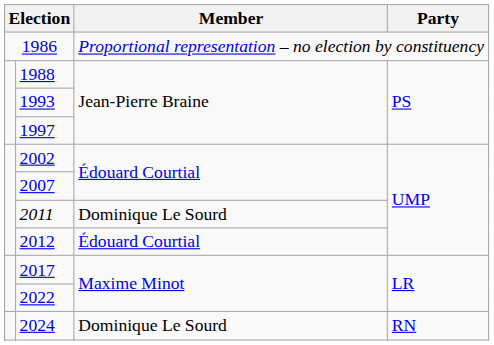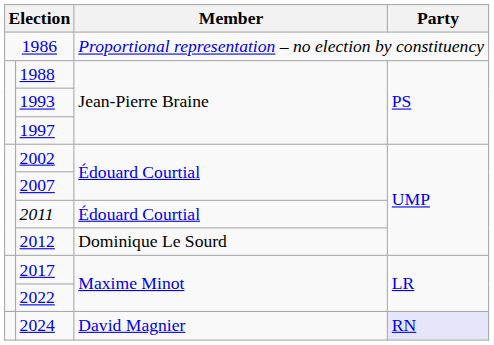 <table class="wikitable">
 <tr>
 <th colspan="2">Election</th>
 <th>Member</th>
 <th>Party</th>
 </tr>
 <tr>
 <td colspan="2" align="center"><a href='#'>1986</a></td>
 <td colspan="2"><em><a href='#'>Proportional representation</a> – no election by constituency</em></td>
 </tr>
 <tr>
 <td rowspan="3" style="color:inherit;background-color: "></td>
 <td><a href='#'>1988</a></td>
 <td rowspan="3">Jean-Pierre Braine</td>
 <td rowspan="3"><a href='#'>PS</a></td>
 </tr>
 <tr>
 <td><a href='#'>1993</a></td>
 </tr>
 <tr>
 <td><a href='#'>1997</a></td>
 </tr>
 <tr>
 <td rowspan="4" style="color:inherit;background-color: "></td>
 <td><a href='#'>2002</a></td>
 <td rowspan="2"><a href='#'>Édouard Courtial</a></td>
 <td rowspan="4"><a href='#'>UMP</a></td>
 </tr>
 <tr>
 <td><a href='#'>2007</a></td>
 </tr>
 <tr>
 <td><em>2011</em></td>
-<td>Dominique Le Sourd</td>
+<td><a href='#'>Édouard Courtial</a></td>
 </tr>
 <tr>
 <td><a href='#'>2012</a></td>
-<td><a href='#'>Édouard Courtial</a></td>
+<td>Dominique Le Sourd</td>
 </tr>
 <tr>
 <td rowspan="2" style="color:inherit;background-color: "></td>
 <td><a href='#'>2017</a></td>
 <td rowspan="2"><a href='#'>Maxime Minot</a></td>
 <td rowspan="2"><a href='#'>LR</a></td>
 </tr>
 <tr>
 <td><a href='#'>2022</a></td>
 </tr>
 <tr>
 <td rowspan="2" style="color:inherit;background-color: "></td>
 <td><a href='#'>2024</a></td>
-<td>Dominique Le Sourd</td>
-<td><a href='#'>RN</a></td>
+<td><a href='#'>David Magnier</a></td>
+<td style="background: lavender;"><a href='#'>RN</a></td>
 </tr>
 </table>
